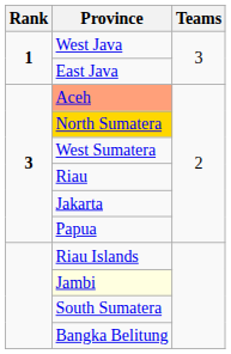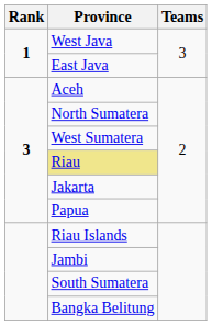 <table class="wikitable">
 <tr>
 <th>Rank</th>
 <th>Province</th>
 <th>Teams</th>
 </tr>
 <tr>
 <td align=center rowspan=2><strong>1</strong></td>
 <td><a href='#'>West Java</a></td>
 <td align=center rowspan=2>3</td>
 </tr>
 <tr>
 <td><a href='#'>East Java</a></td>
 </tr>
 <tr>
 <td align=center rowspan=6><strong>3</strong></td>
-<td style="background: lightsalmon;"><a href='#'>Aceh</a></td>
+<td><a href='#'>Aceh</a></td>
 <td align=center rowspan=6>2</td>
 </tr>
 <tr>
-<td style="background: gold;"><a href='#'>North Sumatera</a></td>
+<td><a href='#'>North Sumatera</a></td>
 </tr>
 <tr>
 <td><a href='#'>West Sumatera</a></td>
 </tr>
 <tr>
-<td><a href='#'>Riau</a></td>
+<td style="background: khaki;"><a href='#'>Riau</a></td>
 </tr>
 <tr>
 <td><a href='#'>Jakarta</a></td>
 </tr>
 <tr>
 <td><a href='#'>Papua</a></td>
 </tr>
 <tr>
 <td align=center rowspan=4></td>
 <td><a href='#'>Riau Islands</a></td>
 <td align=center rowspan=4></td>
 </tr>
 <tr>
-<td style="background: lightyellow;"><a href='#'>Jambi</a></td>
+<td><a href='#'>Jambi</a></td>
 </tr>
 <tr>
 <td><a href='#'>South Sumatera</a></td>
 </tr>
 <tr>
 <td><a href='#'>Bangka Belitung</a></td>
 </tr>
 </table>
